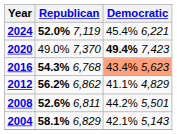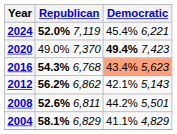 <table class="wikitable" style="float:right; margin: 1em 1em 1em 0; font-size: 95%;">
 <tr>
 <th>Year</th>
 <th><a href='#'>Republican</a></th>
 <th><a href='#'>Democratic</a></th>
 </tr>
 <tr>
 <td style="text-align:center; "><strong><a href='#'>2024</a></strong></td>
 <td style="text-align:center; "><strong>52.0%</strong> <em>7,119</em></td>
 <td style="text-align:center; ">45.4% <em>6,221</em></td>
 </tr>
 <tr>
 <td style="text-align:center; "><strong><a href='#'>2020</a></strong></td>
 <td style="text-align:center; ">49.0% <em>7,370</em></td>
 <td style="text-align:center; "><strong>49.4%</strong>  <em>7,423</em></td>
 </tr>
 <tr>
 <td style="text-align:center; "><strong><a href='#'>2016</a></strong></td>
 <td style="text-align:center; "><strong>54.3%</strong> <em>6,768</em></td>
 <td style="background: lightsalmon; text-align:center; ">43.4%  <em>5,623</em></td>
 </tr>
 <tr>
 <td style="text-align:center; "><strong><a href='#'>2012</a></strong></td>
 <td style="text-align:center; "><strong>56.2%</strong> <em>6,862</em></td>
-<td style="text-align:center; ">41.1% <em>4,829</em></td>
+<td style="text-align:center; ">42.1%  <em>5,143</em></td>
 </tr>
 <tr>
 <td style="text-align:center; "><strong><a href='#'>2008</a></strong></td>
 <td style="text-align:center; "><strong>52.6%</strong> <em>6,811</em></td>
 <td style="text-align:center; ">44.2%  <em>5,501</em></td>
 </tr>
 <tr>
 <td style="text-align:center; "><strong><a href='#'>2004</a></strong></td>
 <td style="text-align:center; "><strong>58.1%</strong> <em>6,829</em></td>
-<td style="text-align:center; ">42.1%  <em>5,143</em></td>
+<td style="text-align:center; ">41.1% <em>4,829</em></td>
 </tr>
 <tr>
 </tr>
 </table>
